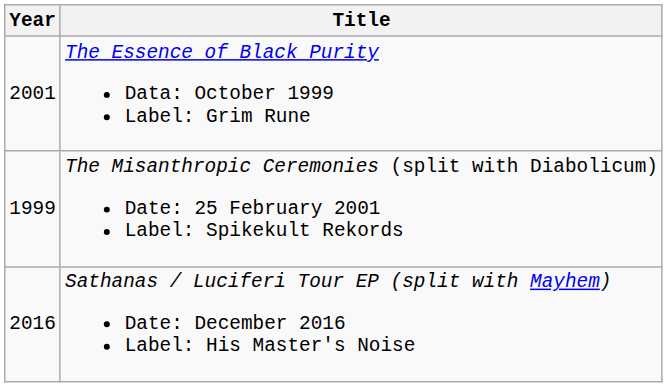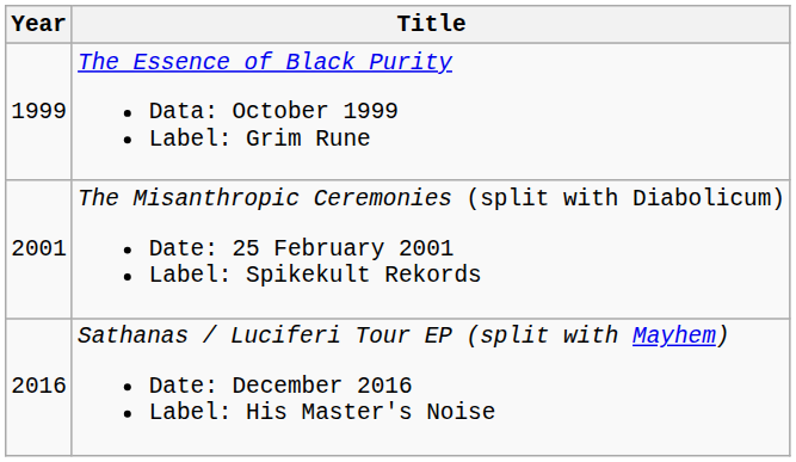 <table class="wikitable" border="1">
 <tr>
 <th>Year</th>
 <th>Title</th>
 </tr>
 <tr>
-<td>2001</td>
+<td>1999</td>
 <td><em><a href='#'>The Essence of Black Purity</a></em><br><ul><li>Data: October 1999</li><li>Label: Grim Rune</li></ul></td>
 </tr>
 <tr>
-<td>1999</td>
+<td>2001</td>
 <td><em>The Misanthropic Ceremonies</em> (split with Diabolicum)<br><ul><li>Date: 25 February 2001</li><li>Label: Spikekult Rekords</li></ul></td>
 </tr>
 <tr>
 <td>2016</td>
 <td><em>Sathanas / Luciferi Tour EP (split with <a href='#'>Mayhem</a>)</em><br><ul><li>Date: December 2016</li><li>Label: His Master's Noise</li></ul></td>
 </tr>
 </table>
